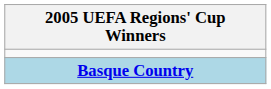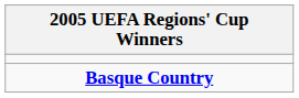 <table class="wikitable" style="text-align: center; margin: 0 auto; width: 20%">
 <tr>
 <th>2005 UEFA Regions' Cup<br>Winners</th>
 </tr>
 <tr>
 <td> </td>
 </tr>
 <tr>
-<td style="background: lightblue;"><strong><a href='#'>Basque Country</a></strong></td>
+<td><strong><a href='#'>Basque Country</a></strong></td>
 </tr>
 </table>
